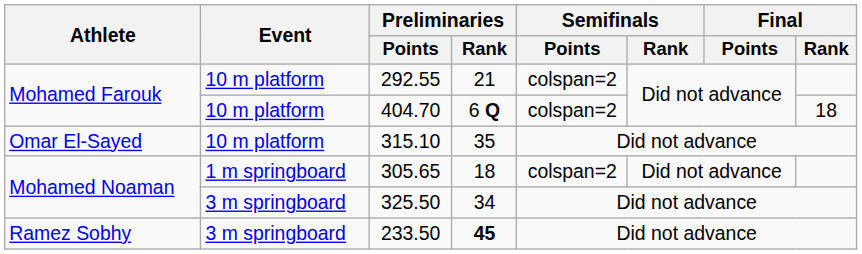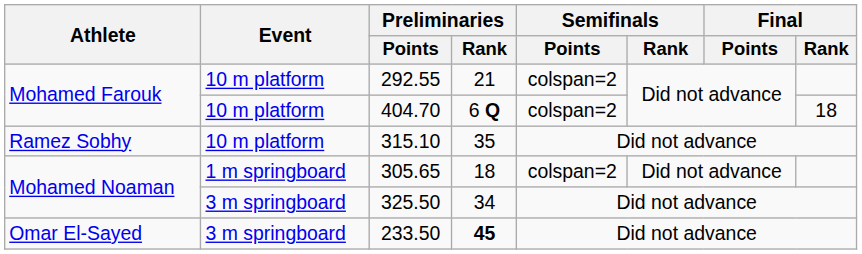 <table class="wikitable" style="text-align:center; font-size:90%; width:50%;">
 <tr>
 <th rowspan=2>Athlete</th>
 <th rowspan=2>Event</th>
 <th colspan=2>Preliminaries</th>
 <th colspan=2>Semifinals</th>
 <th colspan=2>Final</th>
 </tr>
 <tr style="font-size:95%">
 <th>Points</th>
 <th>Rank</th>
 <th>Points</th>
 <th>Rank</th>
 <th>Points</th>
 <th>Rank</th>
 </tr>
 <tr>
 <td align=left rowspan=2><a href='#'>Mohamed Farouk</a></td>
 <td align=left><a href='#'>10 m platform</a></td>
 <td>292.55</td>
 <td>21</td>
 <td>colspan=2 </td>
 <td colspan=2 rowspan=2>Did not advance</td>
 </tr>
 <tr>
 <td align=left><a href='#'>10 m platform</a></td>
 <td>404.70</td>
 <td>6 <strong>Q</strong></td>
 <td>colspan=2 </td>
 <td>18</td>
 </tr>
 <tr>
-<td align=left><a href='#'>Omar El-Sayed</a></td>
+<td align=left><a href='#'>Ramez Sobhy</a></td>
 <td align=left><a href='#'>10 m platform</a></td>
 <td>315.10</td>
 <td>35</td>
 <td colspan=4>Did not advance</td>
 </tr>
 <tr>
 <td align=left rowspan=2><a href='#'>Mohamed Noaman</a></td>
 <td align=left><a href='#'>1 m springboard</a></td>
 <td>305.65</td>
 <td>18</td>
 <td>colspan=2 </td>
 <td colspan=2>Did not advance</td>
 </tr>
 <tr>
 <td align=left><a href='#'>3 m springboard</a></td>
 <td>325.50</td>
 <td>34</td>
 <td colspan=4>Did not advance</td>
 </tr>
 <tr>
-<td align=left><a href='#'>Ramez Sobhy</a></td>
+<td align=left><a href='#'>Omar El-Sayed</a></td>
 <td align=left><a href='#'>3 m springboard</a></td>
 <td>233.50</td>
 <td><strong>45</strong></td>
 <td colspan=4>Did not advance</td>
 </tr>
 </table>
